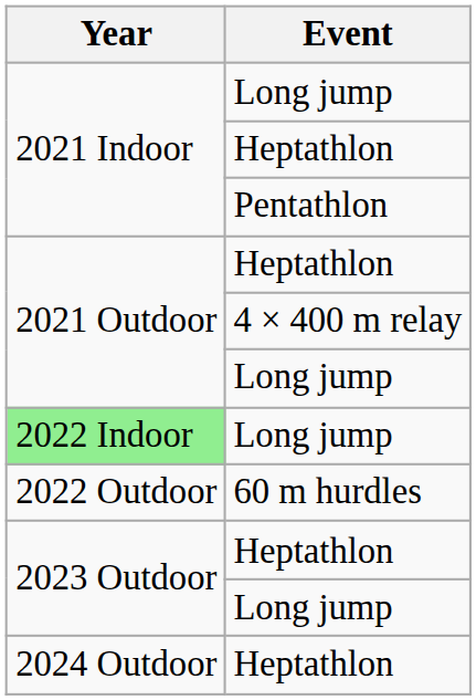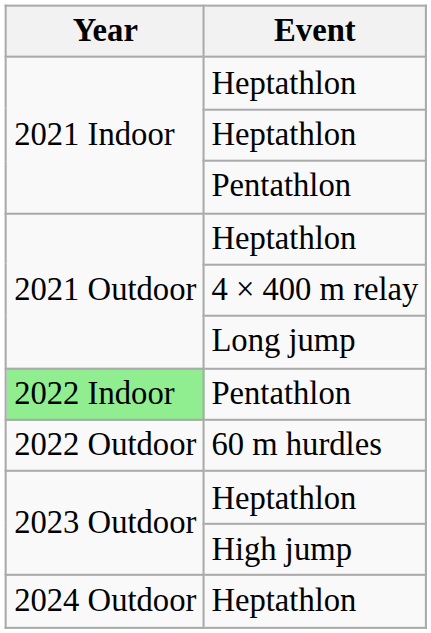 <table class=wikitable align=right>
 <tr>
 <th>Year</th>
 <th>Event</th>
 </tr>
 <tr>
 <td rowspan=3>2021 Indoor</td>
-<td>Long jump</td>
+<td>Heptathlon</td>
 </tr>
 <tr>
 <td>Heptathlon</td>
 </tr>
 <tr>
 <td>Pentathlon</td>
 </tr>
 <tr>
 <td rowspan=3>2021 Outdoor</td>
 <td>Heptathlon</td>
 </tr>
 <tr>
 <td>4 × 400 m relay</td>
 </tr>
 <tr>
 <td>Long jump</td>
 </tr>
 <tr>
 <td style="background: lightgreen;">2022 Indoor</td>
-<td>Long jump</td>
+<td>Pentathlon</td>
 </tr>
 <tr>
 <td>2022 Outdoor</td>
 <td>60 m hurdles</td>
 </tr>
 <tr>
 <td rowspan=2>2023 Outdoor</td>
 <td>Heptathlon</td>
 </tr>
 <tr>
-<td>Long jump</td>
+<td>High jump</td>
 </tr>
 <tr>
 <td>2024 Outdoor</td>
 <td>Heptathlon</td>
 </tr>
 </table>
